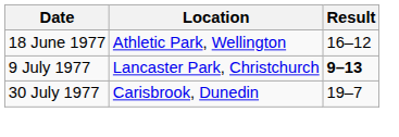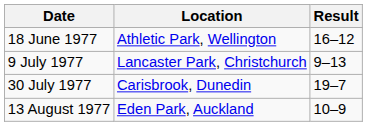 <table class="wikitable" style="align:center;">
 <tr>
 <th>Date</th>
 <th>Location</th>
 <th>Result</th>
 </tr>
 <tr>
 <td>18 June 1977</td>
 <td><a href='#'>Athletic Park</a>, <a href='#'>Wellington</a></td>
 <td> 16–12 </td>
 </tr>
 <tr>
 <td>9 July 1977</td>
 <td><a href='#'>Lancaster Park</a>, <a href='#'>Christchurch</a></td>
-<td><strong> 9–13 </strong></td>
+<td> 9–13 </td>
 </tr>
 <tr>
 <td>30 July 1977</td>
 <td><a href='#'>Carisbrook</a>, <a href='#'>Dunedin</a></td>
 <td> 19–7 </td>
 </tr>
+<tr>
+<td>13 August 1977</td>
+<td><a href='#'>Eden Park</a>, <a href='#'>Auckland</a></td>
+<td> 10–9 </td>
+</tr>
 </table>
